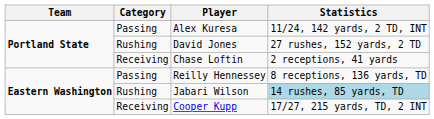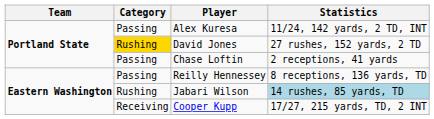 <table class="wikitable" style="float: right;">
 <tr>
 <th>Team</th>
 <th>Category</th>
 <th>Player</th>
 <th>Statistics</th>
 </tr>
 <tr>
 <td rowspan=3><strong>Portland State</strong></td>
 <td>Passing</td>
 <td>Alex Kuresa</td>
 <td>11/24, 142 yards, 2 TD, INT</td>
 </tr>
 <tr>
-<td>Rushing</td>
+<td style="background: gold;">Rushing</td>
 <td>David Jones</td>
 <td>27 rushes, 152 yards, 2 TD</td>
 </tr>
 <tr>
-<td>Receiving</td>
+<td>Passing</td>
 <td>Chase Loftin</td>
 <td>2 receptions, 41 yards</td>
 </tr>
 <tr>
 <td rowspan=3><strong>Eastern Washington</strong></td>
 <td>Passing</td>
 <td>Reilly Hennessey</td>
 <td>8 receptions, 136 yards, TD</td>
 </tr>
 <tr>
 <td>Rushing</td>
 <td>Jabari Wilson</td>
 <td style="background: lightblue;">14 rushes, 85 yards, TD</td>
 </tr>
 <tr>
 <td>Receiving</td>
 <td><a href='#'>Cooper Kupp</a></td>
 <td>17/27, 215 yards, TD, 2 INT</td>
 </tr>
 </table>
